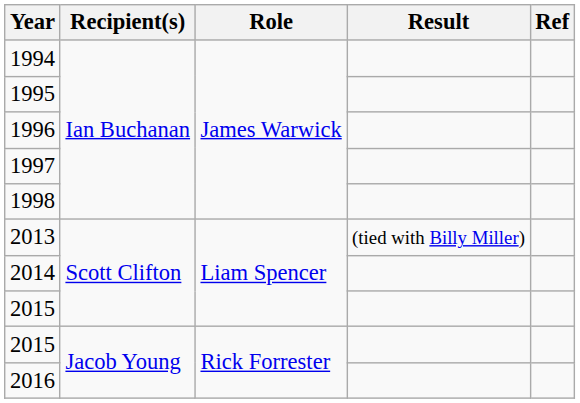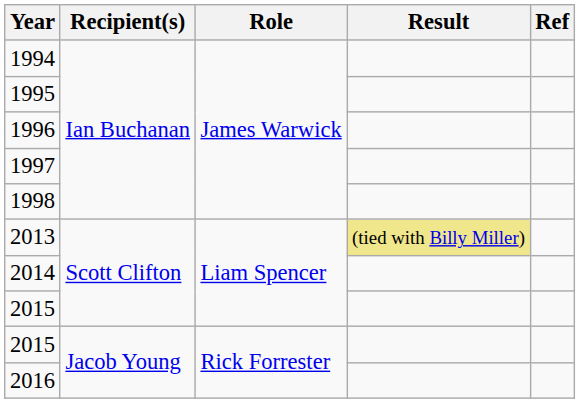 <table class="wikitable">
 <tr>
 <th scope="col">Year</th>
 <th scope="col">Recipient(s)</th>
 <th scope="col">Role</th>
 <th scope="col">Result</th>
 <th scope="col">Ref</th>
 </tr>
 <tr>
 <td>1994</td>
 <td rowspan="5"><a href='#'>Ian Buchanan</a></td>
 <td rowspan="5"><a href='#'>James Warwick</a></td>
 <td></td>
 <td style="text-align:center;"></td>
 </tr>
 <tr>
 <td>1995</td>
 <td></td>
 <td style="text-align:center;"></td>
 </tr>
 <tr>
 <td>1996</td>
 <td></td>
 <td style="text-align:center;"></td>
 </tr>
 <tr>
 <td>1997</td>
 <td></td>
 <td style="text-align:center;"></td>
 </tr>
 <tr>
 <td>1998</td>
 <td></td>
 <td style="text-align:center;"></td>
 </tr>
 <tr>
 <td>2013</td>
 <td rowspan="3"><a href='#'>Scott Clifton</a></td>
 <td rowspan="3"><a href='#'>Liam Spencer</a></td>
-<td> <small>(tied with <a href='#'>Billy Miller</a>)</small></td>
+<td style="background: khaki;"> <small>(tied with <a href='#'>Billy Miller</a>)</small></td>
 <td></td>
 </tr>
 <tr>
 <td>2014</td>
 <td></td>
 <td></td>
 </tr>
 <tr>
 <td>2015</td>
 <td></td>
 <td style="text-align:center;"></td>
 </tr>
 <tr>
 <td>2015</td>
 <td rowspan="2"><a href='#'>Jacob Young</a></td>
 <td rowspan="2"><a href='#'>Rick Forrester</a></td>
 <td></td>
 <td style="text-align:center;"></td>
 </tr>
 <tr>
 <td>2016</td>
 <td></td>
 <td style="text-align:center;"></td>
 </tr>
 </table>
